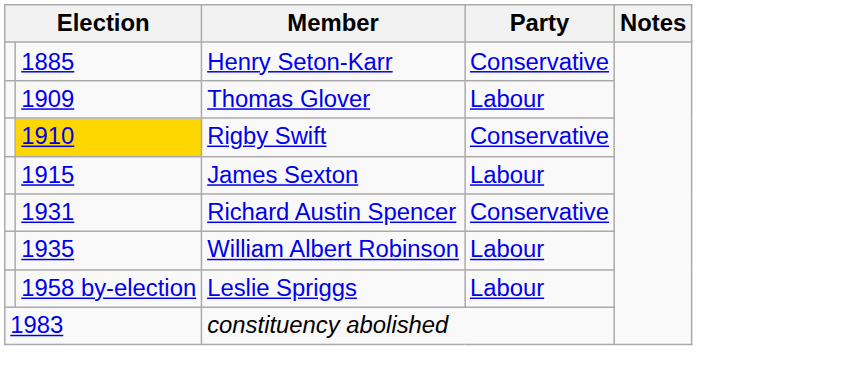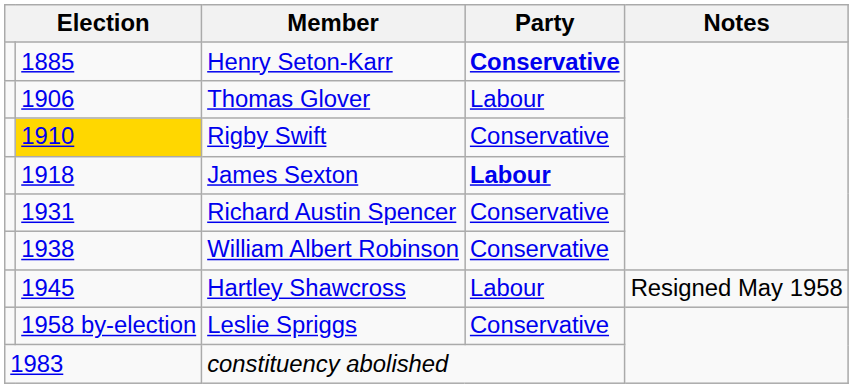 <table class="wikitable">
 <tr>
 <th colspan=2>Election</th>
 <th>Member</th>
 <th>Party</th>
 <th>Notes</th>
 </tr>
 <tr>
 <td style="color:inherit;background-color: "></td>
 <td><a href='#'>1885</a></td>
 <td><a href='#'>Henry Seton-Karr</a></td>
-<td><a href='#'>Conservative</a></td>
+<td><strong><a href='#'>Conservative</a></strong></td>
 </tr>
 <tr>
 <td style="color:inherit;background-color: "></td>
-<td><a href='#'>1909</a></td>
+<td><a href='#'>1906</a></td>
 <td><a href='#'>Thomas Glover</a></td>
 <td><a href='#'>Labour</a></td>
 </tr>
 <tr>
 <td style="color:inherit;background-color: "></td>
 <td style="background: gold;"><a href='#'>1910</a></td>
 <td><a href='#'>Rigby Swift</a></td>
 <td><a href='#'>Conservative</a></td>
 </tr>
 <tr>
 <td style="color:inherit;background-color: "></td>
-<td><a href='#'>1915</a></td>
+<td><a href='#'>1918</a></td>
 <td><a href='#'>James Sexton</a></td>
-<td><a href='#'>Labour</a></td>
+<td><strong><a href='#'>Labour</a></strong></td>
 </tr>
 <tr>
 <td style="color:inherit;background-color: "></td>
 <td><a href='#'>1931</a></td>
 <td><a href='#'>Richard Austin Spencer</a></td>
 <td><a href='#'>Conservative</a></td>
 </tr>
 <tr>
 <td style="color:inherit;background-color: "></td>
-<td><a href='#'>1935</a></td>
+<td><a href='#'>1938</a></td>
 <td><a href='#'>William Albert Robinson</a></td>
+<td><a href='#'>Conservative</a></td>
+</tr>
+<tr>
+<td style="color:inherit;background-color: "></td>
+<td><a href='#'>1945</a></td>
+<td><a href='#'>Hartley Shawcross</a></td>
 <td><a href='#'>Labour</a></td>
+<td>Resigned May 1958</td>
 </tr>
 <tr>
 <td style="color:inherit;background-color: "></td>
 <td><a href='#'>1958 by-election</a></td>
 <td><a href='#'>Leslie Spriggs</a></td>
-<td><a href='#'>Labour</a></td>
+<td><a href='#'>Conservative</a></td>
 </tr>
 <tr>
 <td colspan="2"><a href='#'>1983</a></td>
 <td colspan="2"><em>constituency abolished</em></td>
 </tr>
 </table>
